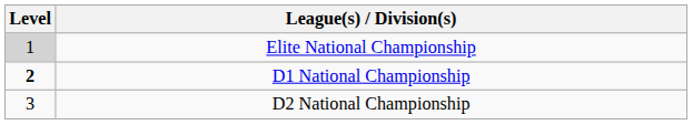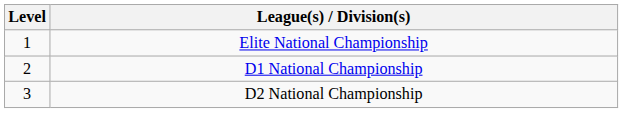 <table class="wikitable" style="text-align: center;">
 <tr>
 <th width="4%">Level</th>
 <th colspan="8" width="96%">League(s) / Division(s)</th>
 </tr>
 <tr>
-<td width="4%" style="background: lightgrey;">1</td>
+<td width="4%">1</td>
 <td colspan="8" width="96%"><a href='#'>Elite National Championship</a><br></td>
 </tr>
 <tr>
-<td width="4%"><strong>2</strong></td>
+<td width="4%">2</td>
 <td colspan="8" width="96%"><a href='#'>D1 National Championship</a><br></td>
 </tr>
 <tr>
 <td width="4%">3</td>
 <td colspan="8" width="96%">D2 National Championship<br></td>
 </tr>
 </table>
